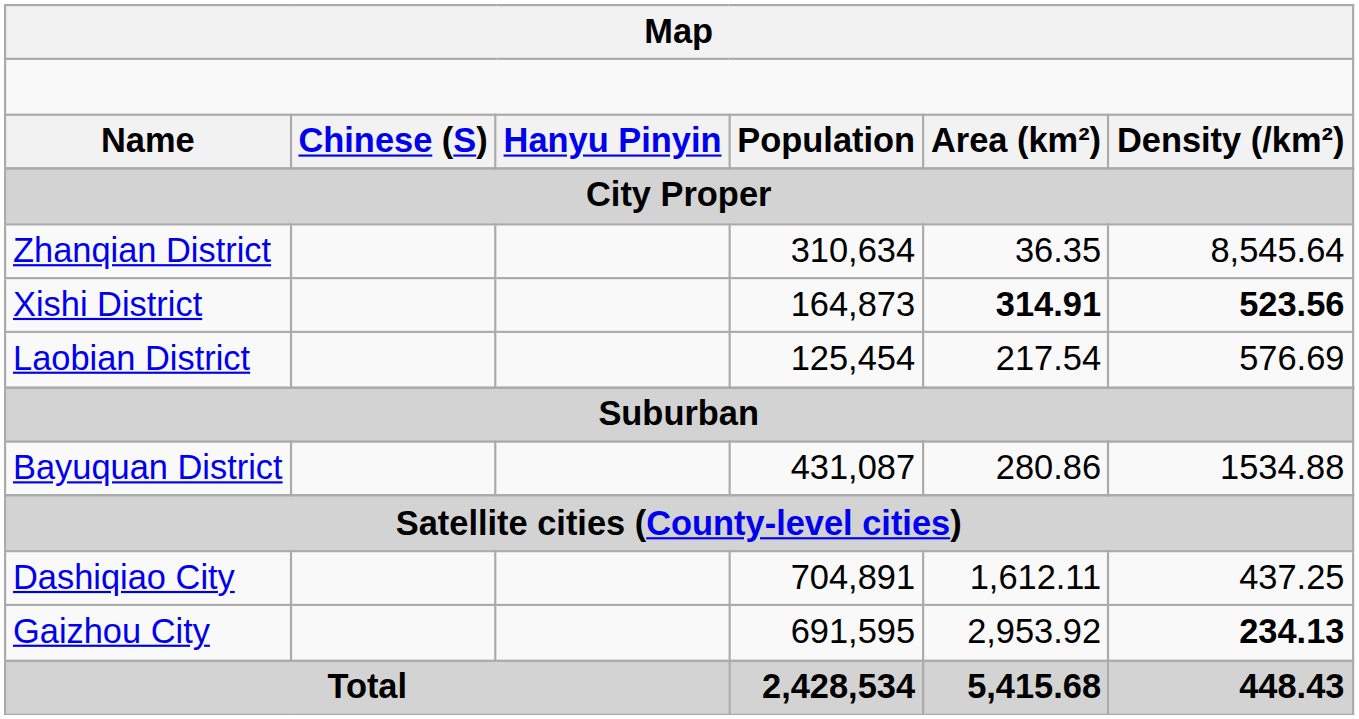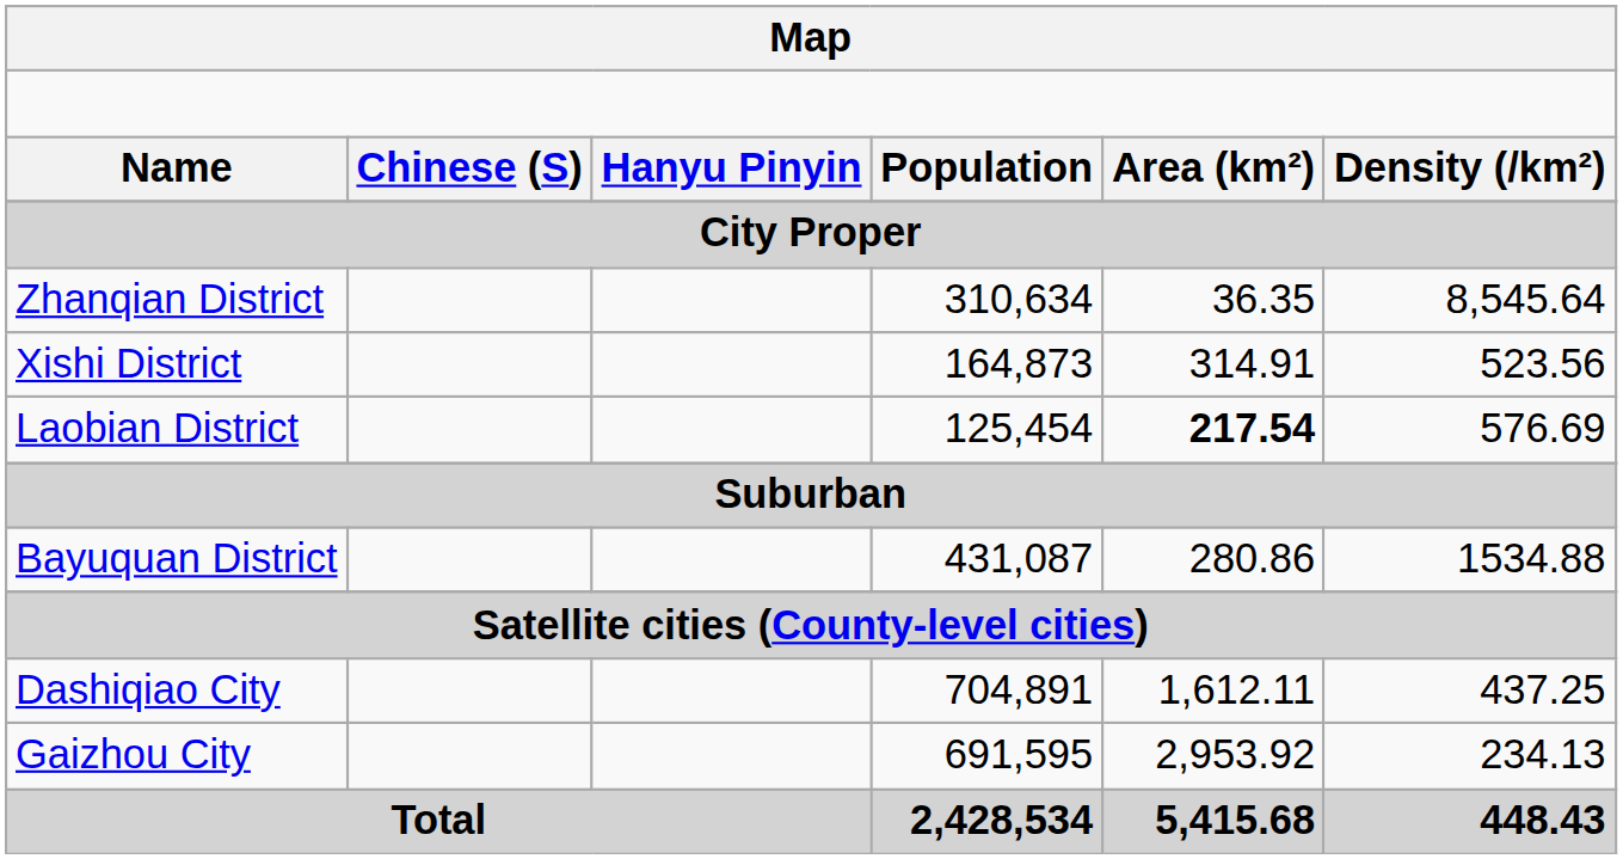 <table class="wikitable">
 <tr>
 <th colspan="7" align="center">Map</th>
 </tr>
 <tr>
 <td colspan="7" align="center"><div><br>          </div></td>
 </tr>
 <tr>
 <th>Name</th>
 <th><a href='#'>Chinese</a> (<a href='#'>S</a>)</th>
 <th><a href='#'>Hanyu Pinyin</a></th>
 <th>Population </th>
 <th>Area (km²)</th>
 <th>Density (/km²)</th>
 </tr>
 <tr>
 </tr>
 <tr style="background:#d3d3d3;">
 <td colspan="6"  style="text-align:center; "><strong>City Proper</strong></td>
 </tr>
 <tr --------->
 <td><a href='#'>Zhanqian District</a></td>
 <td></td>
 <td></td>
 <td align=right>310,634</td>
 <td align=right>36.35</td>
 <td align=right>8,545.64</td>
 </tr>
 <tr --------->
 <td><a href='#'>Xishi District</a></td>
 <td></td>
 <td></td>
 <td align=right>164,873</td>
-<td align=right><strong>314.91</strong></td>
-<td align=right><strong>523.56</strong></td>
+<td align=right>314.91</td>
+<td align=right>523.56</td>
 </tr>
 <tr --------->
 <td><a href='#'>Laobian District</a></td>
 <td></td>
 <td></td>
 <td align=right>125,454</td>
-<td align=right>217.54</td>
+<td align=right><strong>217.54</strong></td>
 <td align=right>576.69</td>
 </tr>
 <tr>
 </tr>
 <tr style="background:#d3d3d3;">
 <td colspan="6"  style="text-align:center; "><strong>Suburban</strong></td>
 </tr>
 <tr --------->
 <td><a href='#'>Bayuquan District</a></td>
 <td></td>
 <td></td>
 <td align=right>431,087</td>
 <td align=right>280.86</td>
 <td align=right>1534.88</td>
 </tr>
 <tr>
 </tr>
 <tr style="background:#d3d3d3;">
 <td colspan="6"  style="text-align:center; "><strong>Satellite cities (<a href='#'>County-level cities</a>)</strong></td>
 </tr>
 <tr --------->
 <td><a href='#'>Dashiqiao City</a></td>
 <td></td>
 <td></td>
 <td align=right>704,891</td>
 <td align=right>1,612.11</td>
 <td align=right>437.25</td>
 </tr>
 <tr --------->
 <td><a href='#'>Gaizhou City</a></td>
 <td></td>
 <td></td>
 <td align=right>691,595</td>
 <td align=right>2,953.92</td>
-<td align=right><strong>234.13</strong></td>
+<td align=right>234.13</td>
 </tr>
 <tr style="background:#d3d3d3;">
 <td colspan=3 style="text-align:center; "><strong>Total</strong></td>
 <td align=right><strong>2,428,534</strong></td>
 <td align=right><strong>5,415.68</strong></td>
 <td align=right><strong>448.43</strong></td>
 </tr>
 </table>
